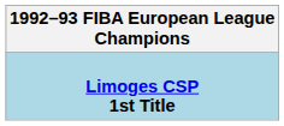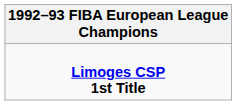 <table class=wikitable style="text-align:center; margin:auto">
 <tr>
 <th>1992–93 FIBA European League<br>Champions</th>
 </tr>
 <tr>
-<td style="background: lightblue;"> <br> <strong><a href='#'>Limoges CSP</a></strong> <br> <strong>1st Title</strong></td>
+<td> <br> <strong><a href='#'>Limoges CSP</a></strong> <br> <strong>1st Title</strong></td>
 </tr>
 </table>
